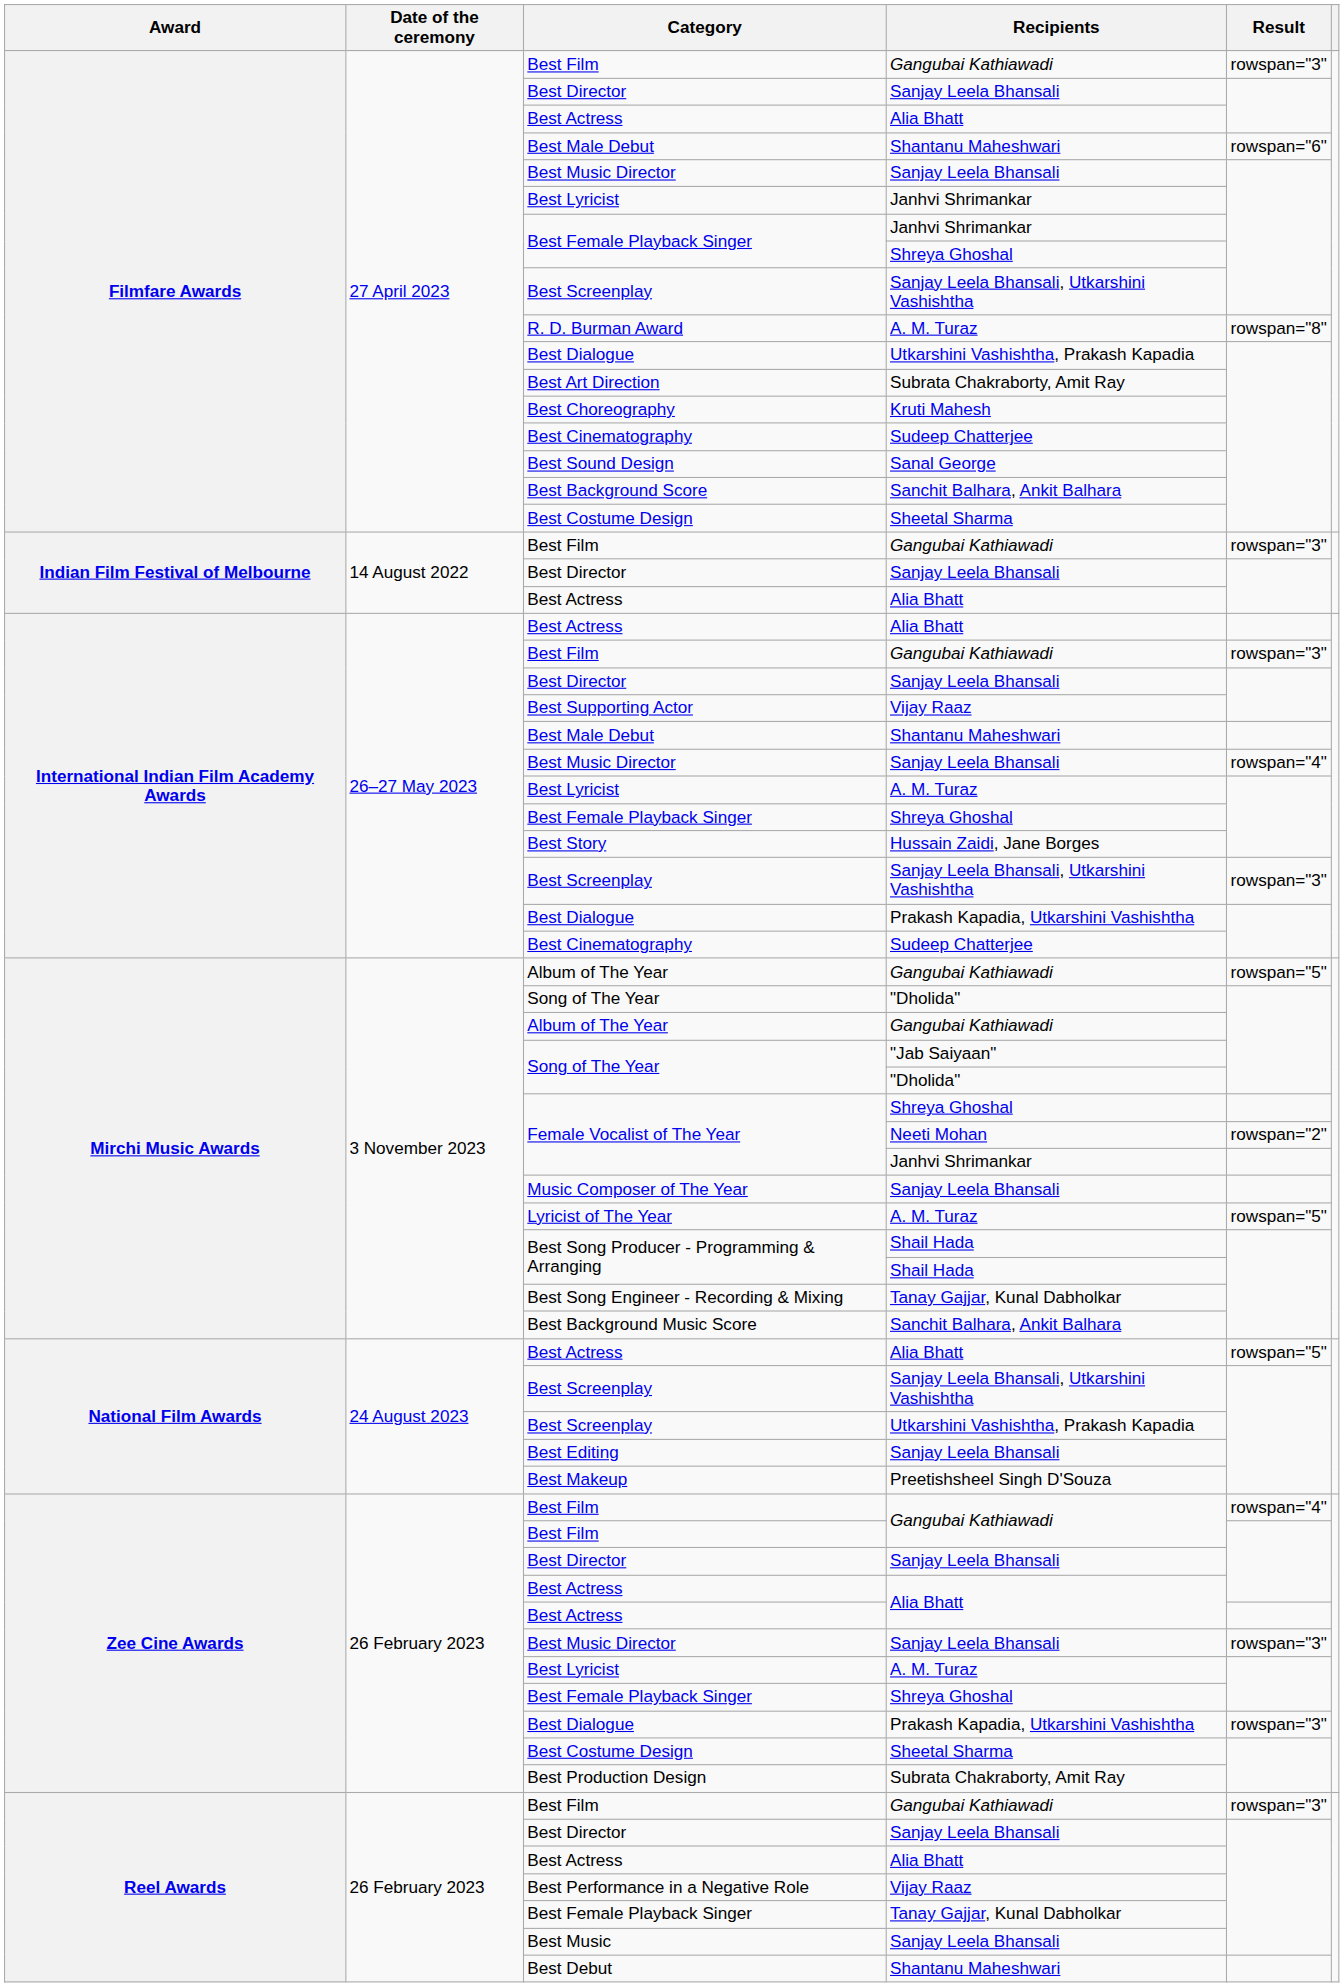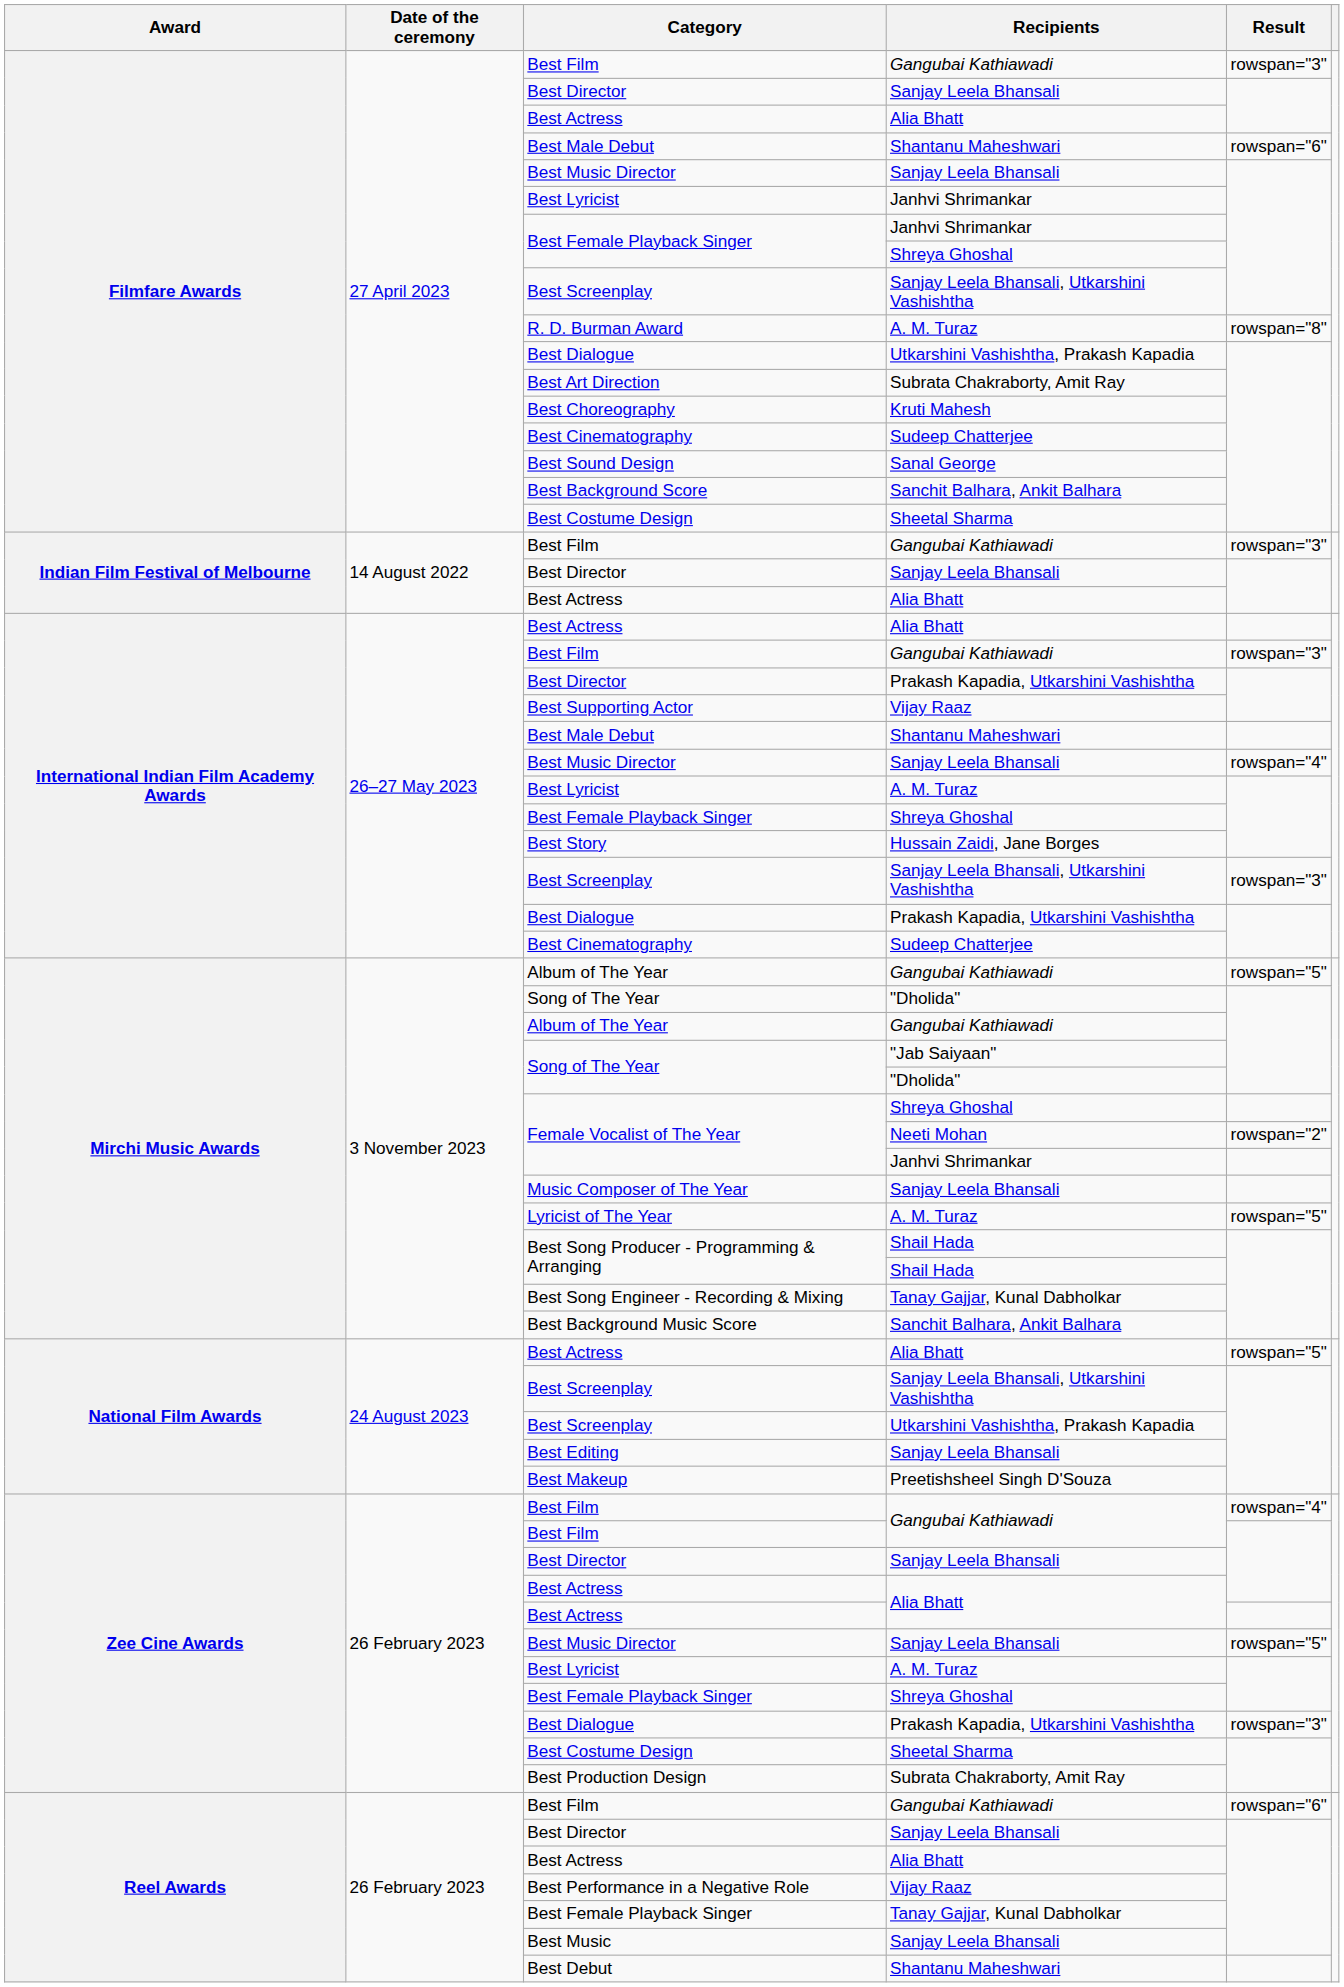 <table class="wikitable plainrowheaders sortable">
 <tr>
 <th scope="col">Award</th>
 <th scope="col">Date of the ceremony</th>
 <th scope="col">Category</th>
 <th scope="col">Recipients</th>
 <th scope="col">Result</th>
 <th scope="col" class="unsortable"></th>
 </tr>
 <tr>
 <th scope="row" rowspan="17"><a href='#'>Filmfare Awards</a></th>
 <td rowspan="17"><a href='#'>27 April 2023</a></td>
 <td><a href='#'>Best Film</a></td>
 <td><em>Gangubai Kathiawadi</em></td>
 <td>rowspan="3" </td>
 <td rowspan="17" align="center"></td>
 </tr>
 <tr>
 <td><a href='#'>Best Director</a></td>
 <td><a href='#'>Sanjay Leela Bhansali</a></td>
 </tr>
 <tr>
 <td><a href='#'>Best Actress</a></td>
 <td><a href='#'>Alia Bhatt</a></td>
 </tr>
 <tr>
 <td><a href='#'>Best Male Debut</a></td>
 <td><a href='#'>Shantanu Maheshwari</a></td>
 <td>rowspan="6" </td>
 </tr>
 <tr>
 <td><a href='#'>Best Music Director</a></td>
 <td><a href='#'>Sanjay Leela Bhansali</a></td>
 </tr>
 <tr>
 <td><a href='#'>Best Lyricist</a></td>
 <td>Janhvi Shrimankar </td>
 </tr>
 <tr>
 <td rowspan="2"><a href='#'>Best Female Playback Singer</a></td>
 <td>Janhvi Shrimankar </td>
 </tr>
 <tr>
 <td><a href='#'>Shreya Ghoshal</a> </td>
 </tr>
 <tr>
 <td><a href='#'>Best Screenplay</a></td>
 <td><a href='#'>Sanjay Leela Bhansali</a>, <a href='#'>Utkarshini Vashishtha</a></td>
 </tr>
 <tr>
 <td><a href='#'>R. D. Burman Award</a></td>
 <td><a href='#'>A. M. Turaz</a> </td>
 <td>rowspan="8" </td>
 </tr>
 <tr>
 <td><a href='#'>Best Dialogue</a></td>
 <td><a href='#'>Utkarshini Vashishtha</a>, Prakash Kapadia</td>
 </tr>
 <tr>
 <td><a href='#'>Best Art Direction</a></td>
 <td>Subrata Chakraborty, Amit Ray</td>
 </tr>
 <tr>
 <td><a href='#'>Best Choreography</a></td>
 <td><a href='#'>Kruti Mahesh</a> </td>
 </tr>
 <tr>
 <td><a href='#'>Best Cinematography</a></td>
 <td><a href='#'>Sudeep Chatterjee</a></td>
 </tr>
 <tr>
 <td><a href='#'>Best Sound Design</a></td>
 <td><a href='#'>Sanal George</a></td>
 </tr>
 <tr>
 <td><a href='#'>Best Background Score</a></td>
 <td><a href='#'>Sanchit Balhara</a>, <a href='#'>Ankit Balhara</a></td>
 </tr>
 <tr>
 <td><a href='#'>Best Costume Design</a></td>
 <td><a href='#'>Sheetal Sharma</a></td>
 </tr>
 <tr>
 <th scope="row" rowspan="3"><a href='#'>Indian Film Festival of Melbourne</a></th>
 <td rowspan="3">14 August 2022</td>
 <td>Best Film</td>
 <td><em>Gangubai Kathiawadi</em></td>
 <td>rowspan="3" </td>
 <td style="text-align: center;" rowspan="3"></td>
 </tr>
 <tr>
 <td>Best Director</td>
 <td><a href='#'>Sanjay Leela Bhansali</a></td>
 </tr>
 <tr>
 <td>Best Actress</td>
 <td><a href='#'>Alia Bhatt</a></td>
 </tr>
 <tr>
 <th rowspan="12" scope="row"><a href='#'>International Indian Film Academy Awards</a></th>
 <td rowspan="12"><a href='#'>26–27 May 2023</a></td>
 <td><a href='#'>Best Actress</a></td>
 <td><a href='#'>Alia Bhatt</a></td>
 <td></td>
 <td rowspan="12" align="center"></td>
 </tr>
 <tr>
 <td><a href='#'>Best Film</a></td>
 <td><em>Gangubai Kathiawadi</em></td>
 <td>rowspan="3" </td>
 </tr>
 <tr>
 <td><a href='#'>Best Director</a></td>
-<td><a href='#'>Sanjay Leela Bhansali</a></td>
+<td>Prakash Kapadia, <a href='#'>Utkarshini Vashishtha</a></td>
 </tr>
 <tr>
 <td><a href='#'>Best Supporting Actor</a></td>
 <td><a href='#'>Vijay Raaz</a></td>
 </tr>
 <tr>
 <td><a href='#'>Best Male Debut</a></td>
 <td><a href='#'>Shantanu Maheshwari</a></td>
 <td></td>
 </tr>
 <tr>
 <td><a href='#'>Best Music Director</a></td>
 <td><a href='#'>Sanjay Leela Bhansali</a></td>
 <td>rowspan="4" </td>
 </tr>
 <tr>
 <td><a href='#'>Best Lyricist</a></td>
 <td><a href='#'>A. M. Turaz</a> </td>
 </tr>
 <tr>
 <td><a href='#'>Best Female Playback Singer</a></td>
 <td><a href='#'>Shreya Ghoshal</a> </td>
 </tr>
 <tr>
 <td><a href='#'>Best Story</a></td>
 <td><a href='#'>Hussain Zaidi</a>, Jane Borges</td>
 </tr>
 <tr>
 <td><a href='#'>Best Screenplay</a></td>
 <td><a href='#'>Sanjay Leela Bhansali</a>, <a href='#'>Utkarshini Vashishtha</a></td>
 <td>rowspan="3" </td>
 </tr>
 <tr>
 <td><a href='#'>Best Dialogue</a></td>
 <td>Prakash Kapadia, <a href='#'>Utkarshini Vashishtha</a></td>
 </tr>
 <tr>
 <td><a href='#'>Best Cinematography</a></td>
 <td><a href='#'>Sudeep Chatterjee</a></td>
 </tr>
 <tr>
 <th scope="row" rowspan="14"><a href='#'>Mirchi Music Awards</a></th>
 <td rowspan="14">3 November 2023</td>
 <td>Album of The Year </td>
 <td><em>Gangubai Kathiawadi</em></td>
 <td>rowspan="5" </td>
 <td rowspan="14" align="center"></td>
 </tr>
 <tr>
 <td>Song of The Year </td>
 <td>"Dholida"</td>
 </tr>
 <tr>
 <td><a href='#'>Album of The Year</a></td>
 <td><em>Gangubai Kathiawadi</em></td>
 </tr>
 <tr>
 <td rowspan="2"><a href='#'>Song of The Year</a></td>
 <td>"Jab Saiyaan"</td>
 </tr>
 <tr>
 <td>"Dholida"</td>
 </tr>
 <tr>
 <td rowspan="3"><a href='#'>Female Vocalist of The Year</a></td>
 <td><a href='#'>Shreya Ghoshal</a> </td>
 <td></td>
 </tr>
 <tr>
 <td><a href='#'>Neeti Mohan</a> </td>
 <td>rowspan="2" </td>
 </tr>
 <tr>
 <td>Janhvi Shrimankar </td>
 </tr>
 <tr>
 <td><a href='#'>Music Composer of The Year</a></td>
 <td><a href='#'>Sanjay Leela Bhansali</a></td>
 <td></td>
 </tr>
 <tr>
 <td><a href='#'>Lyricist of The Year</a></td>
 <td><a href='#'>A. M. Turaz</a> </td>
 <td>rowspan="5" </td>
 </tr>
 <tr>
 <td rowspan="2">Best Song Producer - Programming & Arranging</td>
 <td><a href='#'>Shail Hada</a> </td>
 </tr>
 <tr>
 <td><a href='#'>Shail Hada</a> </td>
 </tr>
 <tr>
 <td>Best Song Engineer - Recording & Mixing</td>
 <td><a href='#'>Tanay Gajjar</a>, Kunal Dabholkar </td>
 </tr>
 <tr>
 <td>Best Background Music Score</td>
 <td><a href='#'>Sanchit Balhara</a>, <a href='#'>Ankit Balhara</a></td>
 </tr>
 <tr>
 <th scope="row" rowspan="5"><a href='#'>National Film Awards</a></th>
 <td rowspan="5"><a href='#'>24 August 2023</a></td>
 <td><a href='#'>Best Actress</a></td>
 <td><a href='#'>Alia Bhatt</a> </td>
 <td>rowspan="5" </td>
 <td rowspan="5" align="center"></td>
 </tr>
 <tr>
 <td><a href='#'>Best Screenplay </a></td>
 <td><a href='#'>Sanjay Leela Bhansali</a>, <a href='#'>Utkarshini Vashishtha</a></td>
 </tr>
 <tr>
 <td><a href='#'>Best Screenplay </a></td>
 <td><a href='#'>Utkarshini Vashishtha</a>, Prakash Kapadia</td>
 </tr>
 <tr>
 <td><a href='#'>Best Editing</a></td>
 <td><a href='#'>Sanjay Leela Bhansali</a></td>
 </tr>
 <tr>
 <td><a href='#'>Best Makeup</a></td>
 <td>Preetishsheel Singh D'Souza</td>
 </tr>
 <tr>
 <th scope="row" rowspan="11"><a href='#'>Zee Cine Awards</a></th>
 <td rowspan="11">26 February 2023</td>
 <td><a href='#'>Best Film</a></td>
 <td rowspan="2"><em>Gangubai Kathiawadi</em></td>
 <td>rowspan="4" </td>
 <td style="text-align: center;" rowspan="11"></td>
 </tr>
 <tr>
 <td><a href='#'>Best Film </a></td>
 </tr>
 <tr>
 <td><a href='#'>Best Director</a></td>
 <td><a href='#'>Sanjay Leela Bhansali</a></td>
 </tr>
 <tr>
 <td><a href='#'>Best Actress</a></td>
 <td rowspan="2"><a href='#'>Alia Bhatt</a></td>
 </tr>
 <tr>
 <td><a href='#'>Best Actress </a></td>
 <td></td>
 </tr>
 <tr>
 <td><a href='#'>Best Music Director</a></td>
 <td><a href='#'>Sanjay Leela Bhansali</a></td>
-<td>rowspan="3" </td>
+<td>rowspan="5" </td>
 </tr>
 <tr>
 <td><a href='#'>Best Lyricist</a></td>
 <td><a href='#'>A. M. Turaz</a> </td>
 </tr>
 <tr>
 <td><a href='#'>Best Female Playback Singer</a></td>
 <td><a href='#'>Shreya Ghoshal</a> </td>
 </tr>
 <tr>
 <td><a href='#'>Best Dialogue</a></td>
 <td>Prakash Kapadia, <a href='#'>Utkarshini Vashishtha</a></td>
 <td>rowspan="3" </td>
 </tr>
 <tr>
 <td><a href='#'>Best Costume Design</a></td>
 <td><a href='#'>Sheetal Sharma</a></td>
 </tr>
 <tr>
 <td>Best Production Design</td>
 <td>Subrata Chakraborty, Amit Ray</td>
 </tr>
 <tr>
 <th scope="row" rowspan="7"><a href='#'>Reel Awards</a></th>
 <td rowspan="7">26 February 2023</td>
 <td>Best Film</td>
 <td><em>Gangubai Kathiawadi</em></td>
-<td>rowspan="3" </td>
+<td>rowspan="6" </td>
 <td rowspan="7" align="center"></td>
 </tr>
 <tr>
 <td>Best Director</td>
 <td><a href='#'>Sanjay Leela Bhansali</a></td>
 </tr>
 <tr>
 <td>Best Actress</td>
 <td><a href='#'>Alia Bhatt</a></td>
 </tr>
 <tr>
 <td>Best Performance in a Negative Role</td>
 <td><a href='#'>Vijay Raaz</a></td>
 </tr>
 <tr>
 <td>Best Female Playback Singer</td>
 <td><a href='#'>Tanay Gajjar</a>, Kunal Dabholkar </td>
 </tr>
 <tr>
 <td>Best Music</td>
 <td><a href='#'>Sanjay Leela Bhansali</a></td>
 </tr>
 <tr>
 <td>Best Debut</td>
 <td><a href='#'>Shantanu Maheshwari</a></td>
 <td></td>
 </tr>
 </table>
